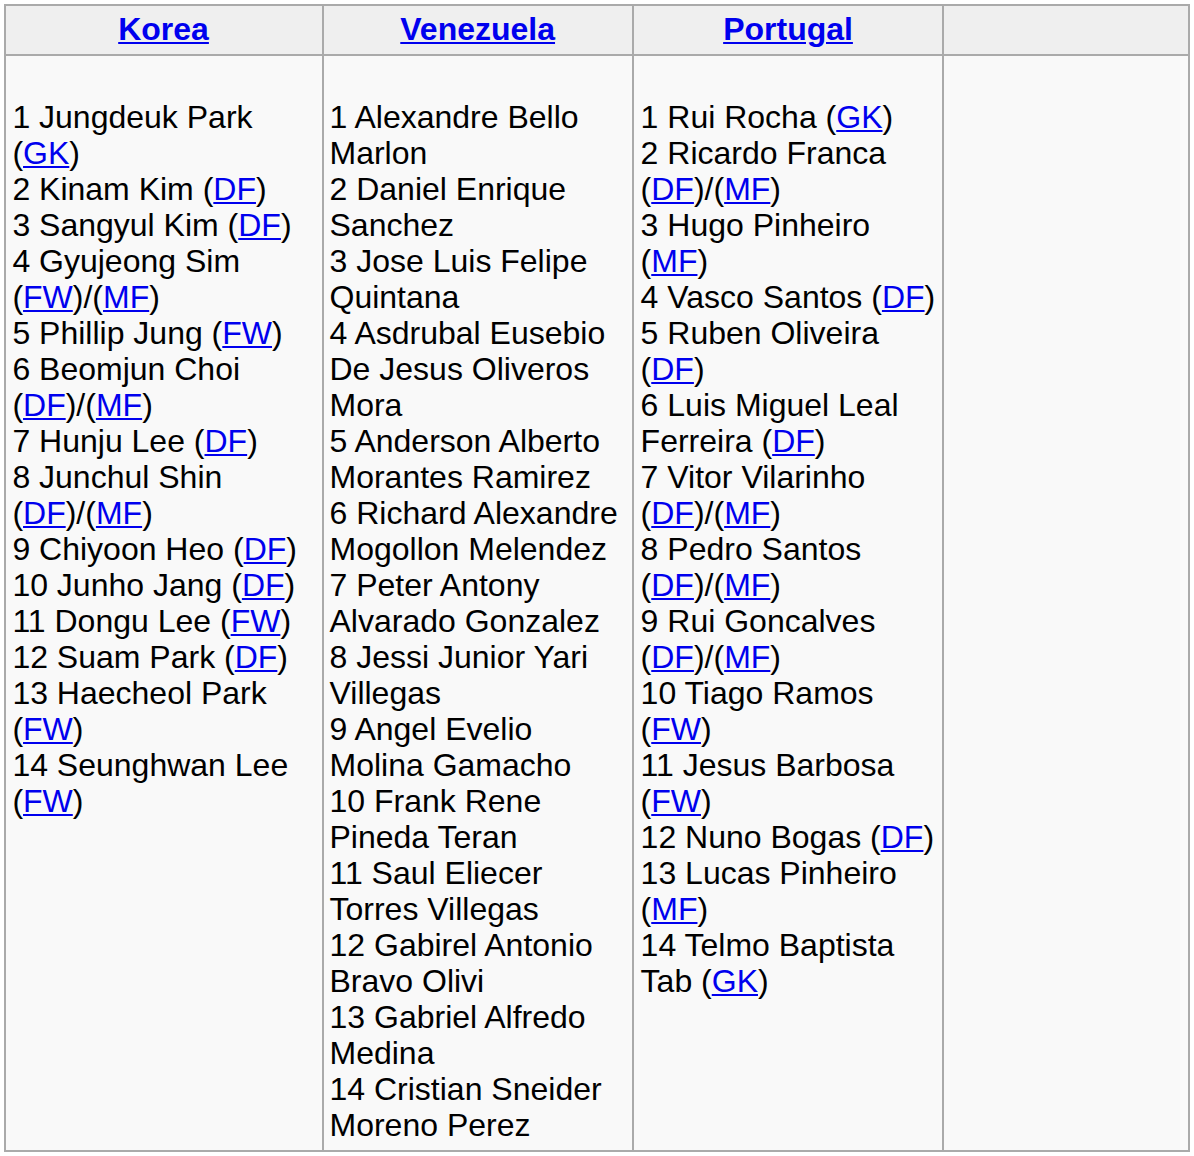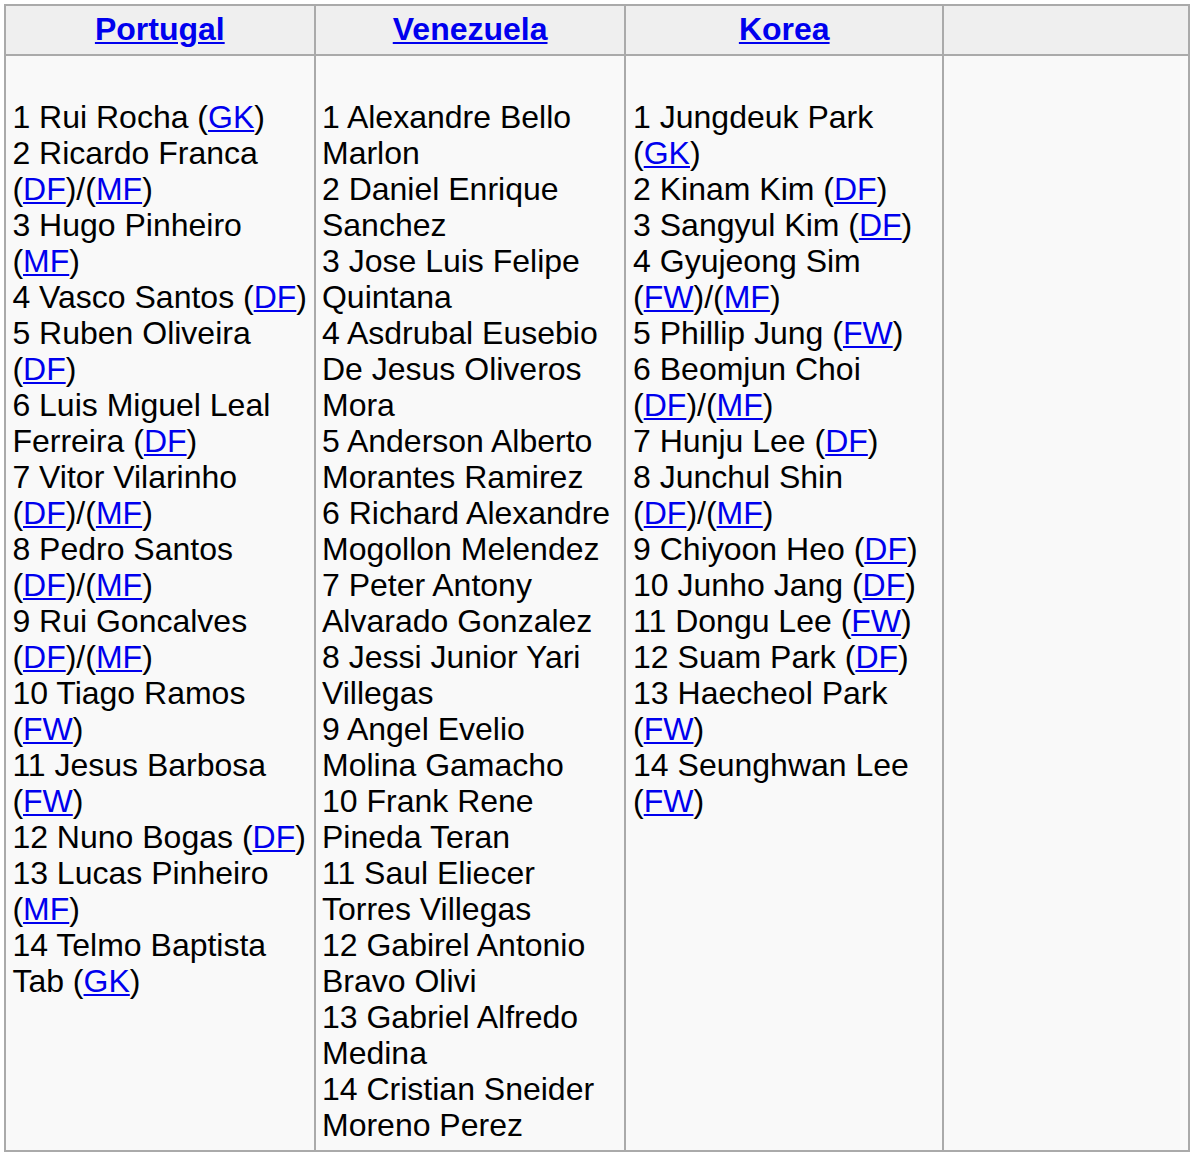 <table class="wikitable mw-collapsible mw-collapsed" cellpadding=5 cellspacing=0 style="width:95%">
 <tr align=center>
+<td bgcolor="#efefef" width="200"><strong> <a href='#'>Portugal</a></strong></td>
+<td bgcolor="#efefef" width="200"><strong> <a href='#'>Venezuela</a></strong></td>
 <td bgcolor="#efefef" width="200"><strong> <a href='#'>Korea</a></strong></td>
-<td bgcolor="#efefef" width="200"><strong> <a href='#'>Venezuela</a></strong></td>
-<td bgcolor="#efefef" width="200"><strong> <a href='#'>Portugal</a></strong></td>
 <td bgcolor="#efefef" width="200"></td>
 </tr>
 <tr valign=top>
+<td><br>1 Rui Rocha (<a href='#'>GK</a>)<br> 2 Ricardo Franca (<a href='#'>DF</a>)/(<a href='#'>MF</a>)<br> 3 Hugo Pinheiro (<a href='#'>MF</a>)<br> 4 Vasco Santos (<a href='#'>DF</a>)<br> 5 Ruben Oliveira (<a href='#'>DF</a>)<br> 6 Luis Miguel Leal Ferreira (<a href='#'>DF</a>)<br> 7 Vitor Vilarinho (<a href='#'>DF</a>)/(<a href='#'>MF</a>)<br> 8 Pedro Santos (<a href='#'>DF</a>)/(<a href='#'>MF</a>)<br> 9 Rui Goncalves (<a href='#'>DF</a>)/(<a href='#'>MF</a>)<br> 10 Tiago Ramos (<a href='#'>FW</a>)<br> 11 Jesus Barbosa (<a href='#'>FW</a>)<br> 12 Nuno Bogas (<a href='#'>DF</a>)<br> 13 Lucas Pinheiro (<a href='#'>MF</a>)<br> 14 Telmo Baptista Tab (<a href='#'>GK</a>)<br></td>
+<td><br>1 Alexandre Bello Marlon<br> 2 Daniel Enrique Sanchez<br> 3 Jose Luis Felipe Quintana<br> 4 Asdrubal Eusebio De Jesus Oliveros Mora<br> 5 Anderson Alberto Morantes Ramirez<br> 6 Richard Alexandre Mogollon Melendez<br> 7 Peter Antony Alvarado Gonzalez<br> 8 Jessi Junior Yari Villegas<br> 9 Angel Evelio Molina Gamacho<br> 10 Frank Rene Pineda Teran<br> 11 Saul Eliecer Torres Villegas<br> 12 Gabirel Antonio Bravo Olivi<br> 13 Gabriel Alfredo Medina<br> 14 Cristian Sneider Moreno Perez<br></td>
 <td><br>1 Jungdeuk Park (<a href='#'>GK</a>)<br> 2 Kinam Kim (<a href='#'>DF</a>)<br> 3 Sangyul Kim (<a href='#'>DF</a>)<br> 4 Gyujeong Sim (<a href='#'>FW</a>)/(<a href='#'>MF</a>)<br> 5 Phillip Jung (<a href='#'>FW</a>)<br> 6 Beomjun Choi (<a href='#'>DF</a>)/(<a href='#'>MF</a>)<br> 7 Hunju Lee (<a href='#'>DF</a>)<br> 8 Junchul Shin (<a href='#'>DF</a>)/(<a href='#'>MF</a>)<br> 9 Chiyoon Heo (<a href='#'>DF</a>)<br> 10 Junho Jang (<a href='#'>DF</a>)<br> 11 Dongu Lee (<a href='#'>FW</a>)<br> 12 Suam Park (<a href='#'>DF</a>)<br> 13 Haecheol Park (<a href='#'>FW</a>)<br> 14 Seunghwan Lee (<a href='#'>FW</a>)<br></td>
-<td><br>1 Alexandre Bello Marlon<br> 2 Daniel Enrique Sanchez<br> 3 Jose Luis Felipe Quintana<br> 4 Asdrubal Eusebio De Jesus Oliveros Mora<br> 5 Anderson Alberto Morantes Ramirez<br> 6 Richard Alexandre Mogollon Melendez<br> 7 Peter Antony Alvarado Gonzalez<br> 8 Jessi Junior Yari Villegas<br> 9 Angel Evelio Molina Gamacho<br> 10 Frank Rene Pineda Teran<br> 11 Saul Eliecer Torres Villegas<br> 12 Gabirel Antonio Bravo Olivi<br> 13 Gabriel Alfredo Medina<br> 14 Cristian Sneider Moreno Perez<br></td>
-<td><br>1 Rui Rocha (<a href='#'>GK</a>)<br> 2 Ricardo Franca (<a href='#'>DF</a>)/(<a href='#'>MF</a>)<br> 3 Hugo Pinheiro (<a href='#'>MF</a>)<br> 4 Vasco Santos (<a href='#'>DF</a>)<br> 5 Ruben Oliveira (<a href='#'>DF</a>)<br> 6 Luis Miguel Leal Ferreira (<a href='#'>DF</a>)<br> 7 Vitor Vilarinho (<a href='#'>DF</a>)/(<a href='#'>MF</a>)<br> 8 Pedro Santos (<a href='#'>DF</a>)/(<a href='#'>MF</a>)<br> 9 Rui Goncalves (<a href='#'>DF</a>)/(<a href='#'>MF</a>)<br> 10 Tiago Ramos (<a href='#'>FW</a>)<br> 11 Jesus Barbosa (<a href='#'>FW</a>)<br> 12 Nuno Bogas (<a href='#'>DF</a>)<br> 13 Lucas Pinheiro (<a href='#'>MF</a>)<br> 14 Telmo Baptista Tab (<a href='#'>GK</a>)<br></td>
 <td></td>
 </tr>
 </table>
